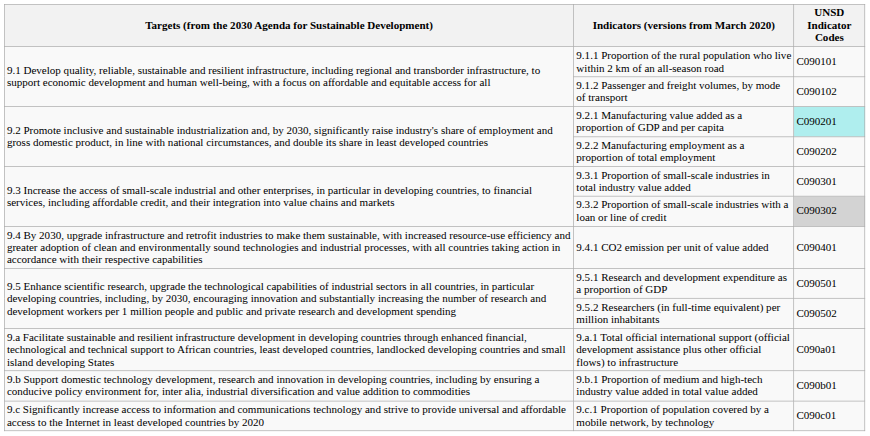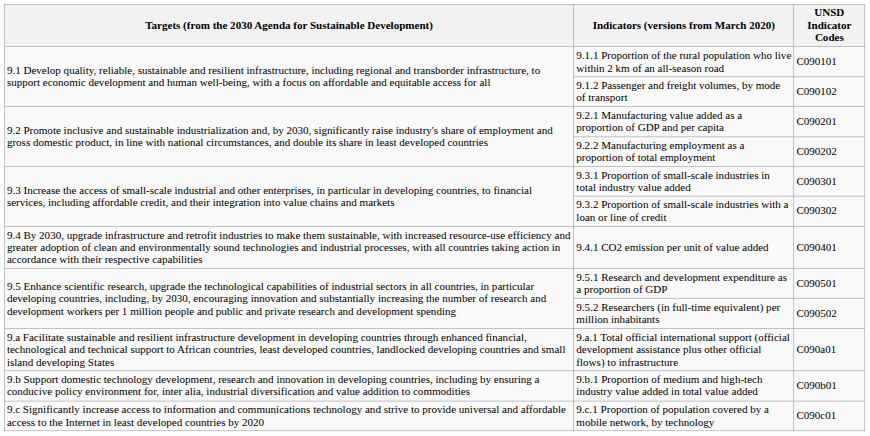 <table class="wikitable">
 <tr>
 <th>Targets (from the 2030 Agenda for Sustainable Development)</th>
 <th>Indicators (versions from March 2020)</th>
 <th>UNSD Indicator Codes </th>
 </tr>
 <tr>
 <td colspan="1" rowspan="2">9.1 Develop quality, reliable, sustainable and resilient infrastructure, including regional and transborder infrastructure, to support economic development and human well-being, with a focus on affordable and equitable access for all</td>
 <td>9.1.1 Proportion of the rural population who live within 2 km of an all-season road</td>
 <td>C090101</td>
 </tr>
 <tr>
 <td>9.1.2 Passenger and freight volumes, by mode of transport</td>
 <td>C090102</td>
 </tr>
 <tr>
 <td colspan="1" rowspan="2">9.2 Promote inclusive and sustainable industrialization and, by 2030, significantly raise industry's share of employment and gross domestic product, in line with national circumstances, and double its share in least developed countries</td>
 <td>9.2.1 Manufacturing value added as a proportion of GDP and per capita</td>
-<td style="background: paleturquoise;">C090201</td>
+<td>C090201</td>
 </tr>
 <tr>
 <td>9.2.2 Manufacturing employment as a proportion of total employment</td>
 <td>C090202</td>
 </tr>
 <tr>
 <td colspan="1" rowspan="2">9.3 Increase the access of small-scale industrial and other enterprises, in particular in developing countries, to financial services, including affordable credit, and their integration into value chains and markets</td>
 <td>9.3.1 Proportion of small-scale industries in total industry value added</td>
 <td>C090301</td>
 </tr>
 <tr>
 <td>9.3.2 Proportion of small-scale industries with a loan or line of credit</td>
-<td style="background: lightgrey;">C090302</td>
+<td>C090302</td>
 </tr>
 <tr>
 <td>9.4 By 2030, upgrade infrastructure and retrofit industries to make them sustainable, with increased resource-use efficiency and greater adoption of clean and environmentally sound technologies and industrial processes, with all countries taking action in accordance with their respective capabilities</td>
 <td>9.4.1 CO2 emission per unit of value added</td>
 <td>C090401</td>
 </tr>
 <tr>
 <td colspan="1" rowspan="2">9.5 Enhance scientific research, upgrade the technological capabilities of industrial sectors in all countries, in particular developing countries, including, by 2030, encouraging innovation and substantially increasing the number of research and development workers per 1 million people and public and private research and development spending</td>
 <td>9.5.1 Research and development expenditure as a proportion of GDP</td>
 <td>C090501</td>
 </tr>
 <tr>
 <td>9.5.2 Researchers (in full-time equivalent) per million inhabitants</td>
 <td>C090502</td>
 </tr>
 <tr>
 <td>9.a Facilitate sustainable and resilient infrastructure development in developing countries through enhanced financial, technological and technical support to African countries, least developed countries, landlocked developing countries and small island developing States</td>
 <td>9.a.1 Total official international support (official development assistance plus other official flows) to infrastructure</td>
 <td>C090a01</td>
 </tr>
 <tr>
 <td>9.b Support domestic technology development, research and innovation in developing countries, including by ensuring a conducive policy environment for, inter alia, industrial diversification and value addition to commodities</td>
 <td>9.b.1 Proportion of medium and high-tech industry value added in total value added</td>
 <td>C090b01</td>
 </tr>
 <tr>
 <td>9.c Significantly increase access to information and communications technology and strive to provide universal and affordable access to the Internet in least developed countries by 2020</td>
 <td>9.c.1 Proportion of population covered by a mobile network, by technology</td>
 <td>C090c01</td>
 </tr>
 </table>
